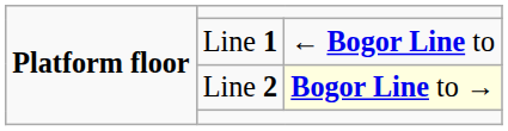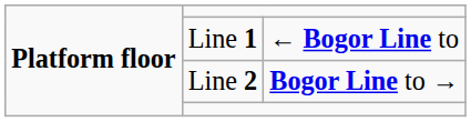 <table class="wikitable">
 <tr>
 <td rowspan="4"><strong>Platform floor</strong></td>
 <td colspan="2"></td>
 </tr>
 <tr>
 <td>Line <strong>1</strong></td>
 <td>←   <strong><a href='#'>Bogor Line</a></strong> to </td>
 </tr>
 <tr>
 <td>Line <strong>2</strong></td>
-<td style="background: lightyellow;"> <strong><a href='#'>Bogor Line</a></strong> to   →</td>
+<td> <strong><a href='#'>Bogor Line</a></strong> to   →</td>
 </tr>
 <tr>
 <td colspan="2"></td>
 </tr>
 </table>
